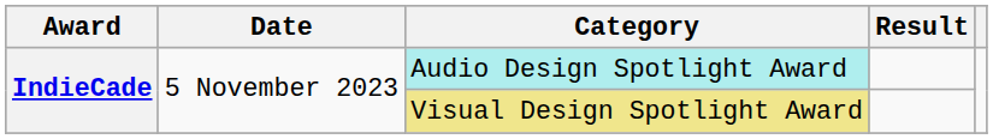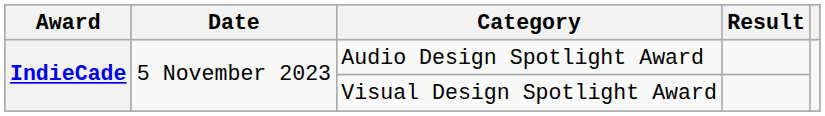 <table class="wikitable sortable plainrowheaders">
 <tr>
 <th scope="col">Award</th>
 <th scope="col">Date</th>
 <th scope="col">Category</th>
 <th scope="col">Result</th>
 <th scope="col" class="unsortable"></th>
 </tr>
 <tr>
 <th scope="row" rowspan="2"><a href='#'>IndieCade</a></th>
 <td rowspan="2">5 November 2023</td>
-<td style="background: paleturquoise;">Audio Design Spotlight Award</td>
+<td>Audio Design Spotlight Award</td>
 <td></td>
 <td rowspan="2" {{centered></td>
 </tr>
 <tr>
-<td style="background: khaki;">Visual Design Spotlight Award</td>
+<td>Visual Design Spotlight Award</td>
 <td></td>
 </tr>
 </table>
